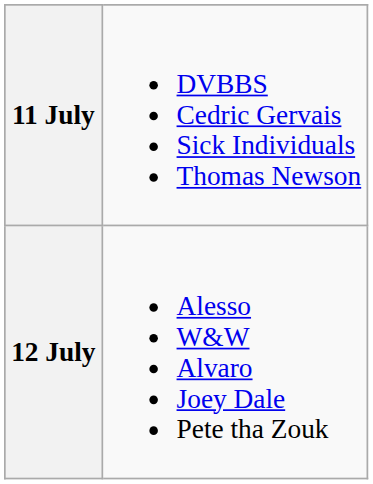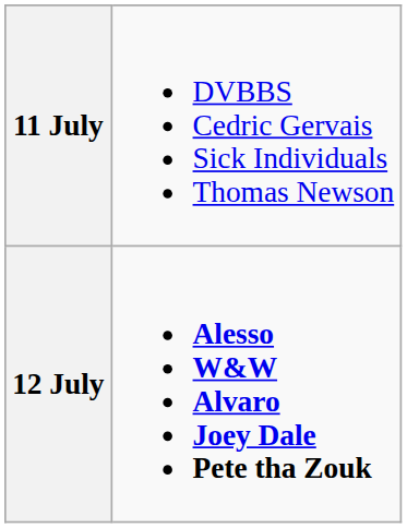 <table class="wikitable">
 <tr>
 <th>11 July</th>
 <td><br><ul><li><a href='#'>DVBBS</a></li><li><a href='#'>Cedric Gervais</a></li><li><a href='#'>Sick Individuals</a></li><li><a href='#'>Thomas Newson</a></li></ul></td>
 </tr>
 <tr>
 <th>12 July</th>
-<td><br><ul><li><a href='#'>Alesso</a></li><li><a href='#'>W&W</a></li><li><a href='#'>Alvaro</a></li><li><a href='#'>Joey Dale</a></li><li>Pete tha Zouk</li></ul></td>
+<td><strong><br><ul><li><a href='#'>Alesso</a></li><li><a href='#'>W&W</a></li><li><a href='#'>Alvaro</a></li><li><a href='#'>Joey Dale</a></li><li>Pete tha Zouk</li></ul></strong></td>
 </tr>
 </table>
